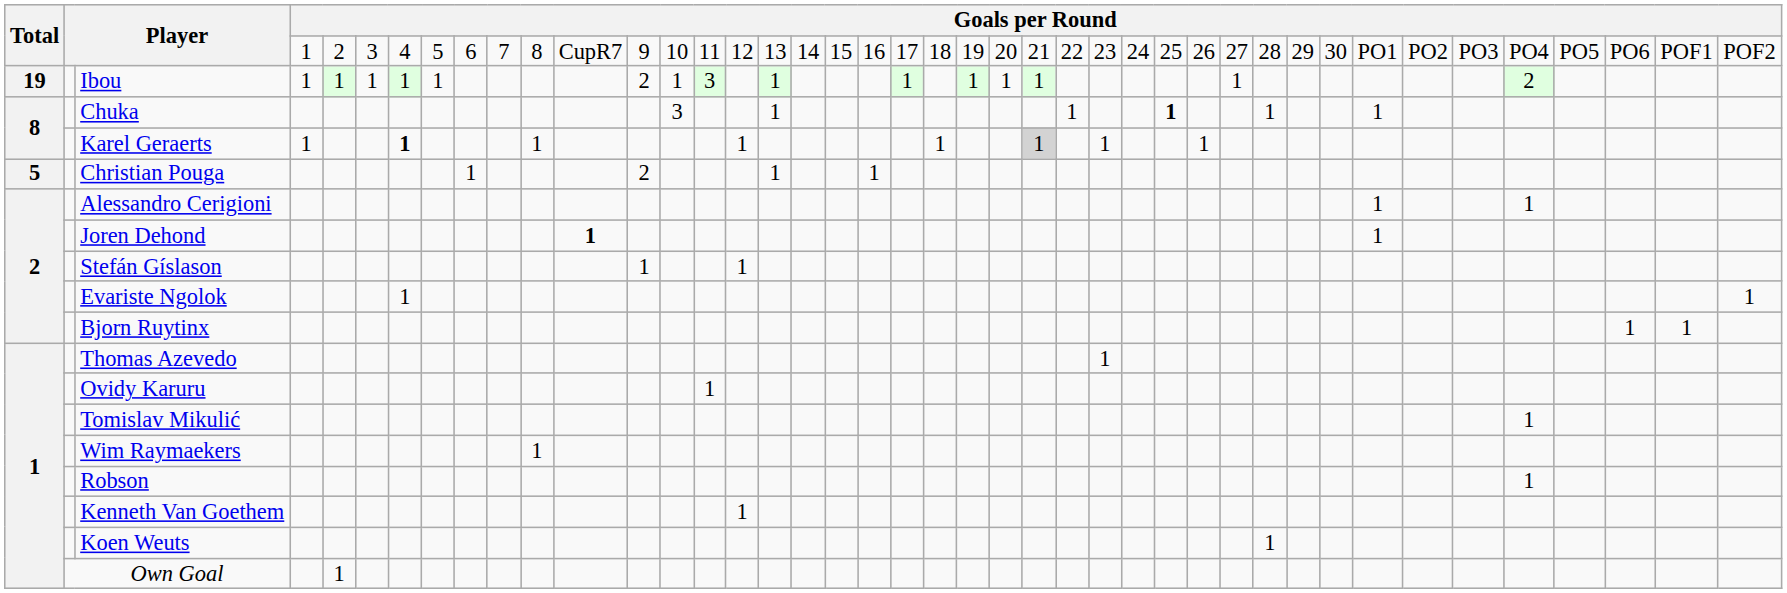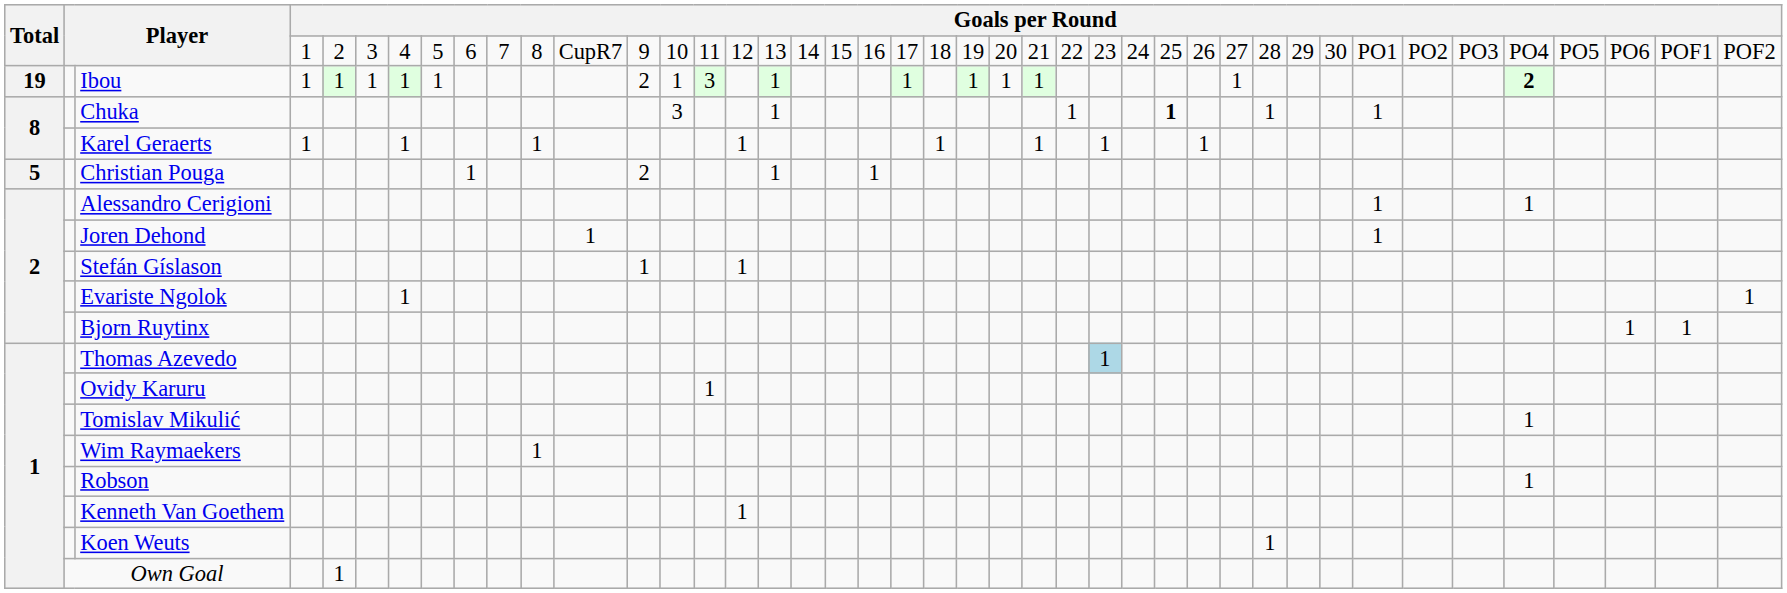 <table class="wikitable" style="text-align:center; line-height: 90%; font-size:90%;">
 <tr>
 <th rowspan="2">Total</th>
 <th rowspan="2" colspan="2">Player</th>
 <th colspan="39">Goals per Round</th>
 </tr>
 <tr>
 <td> 1 </td>
 <td> 2 </td>
 <td> 3 </td>
 <td> 4 </td>
 <td> 5 </td>
 <td> 6 </td>
 <td> 7 </td>
 <td> 8 </td>
 <td>CupR7</td>
 <td> 9 </td>
 <td>10</td>
 <td>11</td>
 <td>12</td>
 <td>13</td>
 <td>14</td>
 <td>15</td>
 <td>16</td>
 <td>17</td>
 <td>18</td>
 <td>19</td>
 <td>20</td>
 <td>21</td>
 <td>22</td>
 <td>23</td>
 <td>24</td>
 <td>25</td>
 <td>26</td>
 <td>27</td>
 <td>28</td>
 <td>29</td>
 <td>30</td>
 <td>PO1</td>
 <td>PO2</td>
 <td>PO3</td>
 <td>PO4</td>
 <td>PO5</td>
 <td>PO6</td>
 <td>POF1</td>
 <td>POF2</td>
 </tr>
 <tr>
 <th>19</th>
 <td></td>
 <td style="text-align:left;"><a href='#'>Ibou</a></td>
 <td>1</td>
 <td style="background:#e0ffe0;">1</td>
 <td>1</td>
 <td style="background:#e0ffe0;">1</td>
 <td>1</td>
 <td></td>
 <td></td>
 <td></td>
 <td></td>
 <td>2</td>
 <td>1</td>
 <td style="background:#e0ffe0;">3</td>
 <td></td>
 <td style="background:#e0ffe0;">1</td>
 <td></td>
 <td></td>
 <td></td>
 <td style="background:#e0ffe0;">1</td>
 <td></td>
 <td style="background:#e0ffe0;">1</td>
 <td>1</td>
 <td style="background:#e0ffe0;">1</td>
 <td></td>
 <td></td>
 <td></td>
 <td></td>
 <td></td>
 <td>1</td>
 <td></td>
 <td></td>
 <td></td>
 <td></td>
 <td></td>
 <td></td>
-<td style="background:#e0ffe0;">2</td>
+<td style="background:#e0ffe0;"><strong>2</strong></td>
 <td></td>
 <td></td>
 <td></td>
 <td></td>
 </tr>
 <tr>
 <th rowspan=2>8</th>
 <td></td>
 <td style="text-align:left;"><a href='#'>Chuka</a></td>
 <td></td>
 <td></td>
 <td></td>
 <td></td>
 <td></td>
 <td></td>
 <td></td>
 <td></td>
 <td></td>
 <td></td>
 <td>3</td>
 <td></td>
 <td></td>
 <td>1</td>
 <td></td>
 <td></td>
 <td></td>
 <td></td>
 <td></td>
 <td></td>
 <td></td>
 <td></td>
 <td>1</td>
 <td></td>
 <td></td>
 <td><strong>1</strong></td>
 <td></td>
 <td></td>
 <td>1</td>
 <td></td>
 <td></td>
 <td>1</td>
 <td></td>
 <td></td>
 <td></td>
 <td></td>
 <td></td>
 <td></td>
 <td></td>
 </tr>
 <tr>
 <td></td>
 <td style="text-align:left;"><a href='#'>Karel Geraerts</a></td>
 <td>1</td>
 <td></td>
 <td></td>
-<td><strong>1</strong></td>
+<td>1</td>
 <td></td>
 <td></td>
 <td></td>
 <td>1</td>
 <td></td>
 <td></td>
 <td></td>
 <td></td>
 <td>1</td>
 <td></td>
 <td></td>
 <td></td>
 <td></td>
 <td></td>
 <td>1</td>
 <td></td>
 <td></td>
-<td style="background: lightgrey;">1</td>
+<td>1</td>
 <td></td>
 <td>1</td>
 <td></td>
 <td></td>
 <td>1</td>
 <td></td>
 <td></td>
 <td></td>
 <td></td>
 <td></td>
 <td></td>
 <td></td>
 <td></td>
 <td></td>
 <td></td>
 <td></td>
 <td></td>
 </tr>
 <tr>
 <th>5</th>
 <td></td>
 <td style="text-align:left;"><a href='#'>Christian Pouga</a></td>
 <td></td>
 <td></td>
 <td></td>
 <td></td>
 <td></td>
 <td>1</td>
 <td></td>
 <td></td>
 <td></td>
 <td>2</td>
 <td></td>
 <td></td>
 <td></td>
 <td>1</td>
 <td></td>
 <td></td>
 <td>1</td>
 <td></td>
 <td></td>
 <td></td>
 <td></td>
 <td></td>
 <td></td>
 <td></td>
 <td></td>
 <td></td>
 <td></td>
 <td></td>
 <td></td>
 <td></td>
 <td></td>
 <td></td>
 <td></td>
 <td></td>
 <td></td>
 <td></td>
 <td></td>
 <td></td>
 <td></td>
 </tr>
 <tr>
 <th rowspan=5>2</th>
 <td></td>
 <td style="text-align:left;"><a href='#'>Alessandro Cerigioni</a></td>
 <td></td>
 <td></td>
 <td></td>
 <td></td>
 <td></td>
 <td></td>
 <td></td>
 <td></td>
 <td></td>
 <td></td>
 <td></td>
 <td></td>
 <td></td>
 <td></td>
 <td></td>
 <td></td>
 <td></td>
 <td></td>
 <td></td>
 <td></td>
 <td></td>
 <td></td>
 <td></td>
 <td></td>
 <td></td>
 <td></td>
 <td></td>
 <td></td>
 <td></td>
 <td></td>
 <td></td>
 <td>1</td>
 <td></td>
 <td></td>
 <td>1</td>
 <td></td>
 <td></td>
 <td></td>
 <td></td>
 </tr>
 <tr>
 <td></td>
 <td style="text-align:left;"><a href='#'>Joren Dehond</a></td>
 <td></td>
 <td></td>
 <td></td>
 <td></td>
 <td></td>
 <td></td>
 <td></td>
 <td></td>
-<td><strong>1</strong></td>
+<td>1</td>
 <td></td>
 <td></td>
 <td></td>
 <td></td>
 <td></td>
 <td></td>
 <td></td>
 <td></td>
 <td></td>
 <td></td>
 <td></td>
 <td></td>
 <td></td>
 <td></td>
 <td></td>
 <td></td>
 <td></td>
 <td></td>
 <td></td>
 <td></td>
 <td></td>
 <td></td>
 <td>1</td>
 <td></td>
 <td></td>
 <td></td>
 <td></td>
 <td></td>
 <td></td>
 <td></td>
 </tr>
 <tr>
 <td></td>
 <td style="text-align:left;"><a href='#'>Stefán Gíslason</a></td>
 <td></td>
 <td></td>
 <td></td>
 <td></td>
 <td></td>
 <td></td>
 <td></td>
 <td></td>
 <td></td>
 <td>1</td>
 <td></td>
 <td></td>
 <td>1</td>
 <td></td>
 <td></td>
 <td></td>
 <td></td>
 <td></td>
 <td></td>
 <td></td>
 <td></td>
 <td></td>
 <td></td>
 <td></td>
 <td></td>
 <td></td>
 <td></td>
 <td></td>
 <td></td>
 <td></td>
 <td></td>
 <td></td>
 <td></td>
 <td></td>
 <td></td>
 <td></td>
 <td></td>
 <td></td>
 <td></td>
 </tr>
 <tr>
 <td></td>
 <td style="text-align:left;"><a href='#'>Evariste Ngolok</a></td>
 <td></td>
 <td></td>
 <td></td>
 <td>1</td>
 <td></td>
 <td></td>
 <td></td>
 <td></td>
 <td></td>
 <td></td>
 <td></td>
 <td></td>
 <td></td>
 <td></td>
 <td></td>
 <td></td>
 <td></td>
 <td></td>
 <td></td>
 <td></td>
 <td></td>
 <td></td>
 <td></td>
 <td></td>
 <td></td>
 <td></td>
 <td></td>
 <td></td>
 <td></td>
 <td></td>
 <td></td>
 <td></td>
 <td></td>
 <td></td>
 <td></td>
 <td></td>
 <td></td>
 <td></td>
 <td>1</td>
 </tr>
 <tr>
 <td></td>
 <td style="text-align:left;"><a href='#'>Bjorn Ruytinx</a></td>
 <td></td>
 <td></td>
 <td></td>
 <td></td>
 <td></td>
 <td></td>
 <td></td>
 <td></td>
 <td></td>
 <td></td>
 <td></td>
 <td></td>
 <td></td>
 <td></td>
 <td></td>
 <td></td>
 <td></td>
 <td></td>
 <td></td>
 <td></td>
 <td></td>
 <td></td>
 <td></td>
 <td></td>
 <td></td>
 <td></td>
 <td></td>
 <td></td>
 <td></td>
 <td></td>
 <td></td>
 <td></td>
 <td></td>
 <td></td>
 <td></td>
 <td></td>
 <td>1</td>
 <td>1</td>
 <td></td>
 </tr>
 <tr>
 <th rowspan=8>1</th>
 <td></td>
 <td style="text-align:left;"><a href='#'>Thomas Azevedo</a></td>
 <td></td>
 <td></td>
 <td></td>
 <td></td>
 <td></td>
 <td></td>
 <td></td>
 <td></td>
 <td></td>
 <td></td>
 <td></td>
 <td></td>
 <td></td>
 <td></td>
 <td></td>
 <td></td>
 <td></td>
 <td></td>
 <td></td>
 <td></td>
 <td></td>
 <td></td>
 <td></td>
-<td>1</td>
+<td style="background: lightblue;">1</td>
 <td></td>
 <td></td>
 <td></td>
 <td></td>
 <td></td>
 <td></td>
 <td></td>
 <td></td>
 <td></td>
 <td></td>
 <td></td>
 <td></td>
 <td></td>
 <td></td>
 <td></td>
 </tr>
 <tr>
 <td></td>
 <td style="text-align:left;"><a href='#'>Ovidy Karuru</a></td>
 <td></td>
 <td></td>
 <td></td>
 <td></td>
 <td></td>
 <td></td>
 <td></td>
 <td></td>
 <td></td>
 <td></td>
 <td></td>
 <td>1</td>
 <td></td>
 <td></td>
 <td></td>
 <td></td>
 <td></td>
 <td></td>
 <td></td>
 <td></td>
 <td></td>
 <td></td>
 <td></td>
 <td></td>
 <td></td>
 <td></td>
 <td></td>
 <td></td>
 <td></td>
 <td></td>
 <td></td>
 <td></td>
 <td></td>
 <td></td>
 <td></td>
 <td></td>
 <td></td>
 <td></td>
 <td></td>
 </tr>
 <tr>
 <td></td>
 <td style="text-align:left;"><a href='#'>Tomislav Mikulić</a></td>
 <td></td>
 <td></td>
 <td></td>
 <td></td>
 <td></td>
 <td></td>
 <td></td>
 <td></td>
 <td></td>
 <td></td>
 <td></td>
 <td></td>
 <td></td>
 <td></td>
 <td></td>
 <td></td>
 <td></td>
 <td></td>
 <td></td>
 <td></td>
 <td></td>
 <td></td>
 <td></td>
 <td></td>
 <td></td>
 <td></td>
 <td></td>
 <td></td>
 <td></td>
 <td></td>
 <td></td>
 <td></td>
 <td></td>
 <td></td>
 <td>1</td>
 <td></td>
 <td></td>
 <td></td>
 <td></td>
 </tr>
 <tr>
 <td></td>
 <td style="text-align:left;"><a href='#'>Wim Raymaekers</a></td>
 <td></td>
 <td></td>
 <td></td>
 <td></td>
 <td></td>
 <td></td>
 <td></td>
 <td>1</td>
 <td></td>
 <td></td>
 <td></td>
 <td></td>
 <td></td>
 <td></td>
 <td></td>
 <td></td>
 <td></td>
 <td></td>
 <td></td>
 <td></td>
 <td></td>
 <td></td>
 <td></td>
 <td></td>
 <td></td>
 <td></td>
 <td></td>
 <td></td>
 <td></td>
 <td></td>
 <td></td>
 <td></td>
 <td></td>
 <td></td>
 <td></td>
 <td></td>
 <td></td>
 <td></td>
 <td></td>
 </tr>
 <tr>
 <td></td>
 <td style="text-align:left;"><a href='#'>Robson</a></td>
 <td></td>
 <td></td>
 <td></td>
 <td></td>
 <td></td>
 <td></td>
 <td></td>
 <td></td>
 <td></td>
 <td></td>
 <td></td>
 <td></td>
 <td></td>
 <td></td>
 <td></td>
 <td></td>
 <td></td>
 <td></td>
 <td></td>
 <td></td>
 <td></td>
 <td></td>
 <td></td>
 <td></td>
 <td></td>
 <td></td>
 <td></td>
 <td></td>
 <td></td>
 <td></td>
 <td></td>
 <td></td>
 <td></td>
 <td></td>
 <td>1</td>
 <td></td>
 <td></td>
 <td></td>
 <td></td>
 </tr>
 <tr>
 <td></td>
 <td style="text-align:left;"><a href='#'>Kenneth Van Goethem</a></td>
 <td></td>
 <td></td>
 <td></td>
 <td></td>
 <td></td>
 <td></td>
 <td></td>
 <td></td>
 <td></td>
 <td></td>
 <td></td>
 <td></td>
 <td>1</td>
 <td></td>
 <td></td>
 <td></td>
 <td></td>
 <td></td>
 <td></td>
 <td></td>
 <td></td>
 <td></td>
 <td></td>
 <td></td>
 <td></td>
 <td></td>
 <td></td>
 <td></td>
 <td></td>
 <td></td>
 <td></td>
 <td></td>
 <td></td>
 <td></td>
 <td></td>
 <td></td>
 <td></td>
 <td></td>
 <td></td>
 </tr>
 <tr>
 <td></td>
 <td style="text-align:left;"><a href='#'>Koen Weuts</a></td>
 <td></td>
 <td></td>
 <td></td>
 <td></td>
 <td></td>
 <td></td>
 <td></td>
 <td></td>
 <td></td>
 <td></td>
 <td></td>
 <td></td>
 <td></td>
 <td></td>
 <td></td>
 <td></td>
 <td></td>
 <td></td>
 <td></td>
 <td></td>
 <td></td>
 <td></td>
 <td></td>
 <td></td>
 <td></td>
 <td></td>
 <td></td>
 <td></td>
 <td>1</td>
 <td></td>
 <td></td>
 <td></td>
 <td></td>
 <td></td>
 <td></td>
 <td></td>
 <td></td>
 <td></td>
 <td></td>
 </tr>
 <tr>
 <td colspan=2><em>Own Goal</em></td>
 <td></td>
 <td>1</td>
 <td></td>
 <td></td>
 <td></td>
 <td></td>
 <td></td>
 <td></td>
 <td></td>
 <td></td>
 <td></td>
 <td></td>
 <td></td>
 <td></td>
 <td></td>
 <td></td>
 <td></td>
 <td></td>
 <td></td>
 <td></td>
 <td></td>
 <td></td>
 <td></td>
 <td></td>
 <td></td>
 <td></td>
 <td></td>
 <td></td>
 <td></td>
 <td></td>
 <td></td>
 <td></td>
 <td></td>
 <td></td>
 <td></td>
 <td></td>
 <td></td>
 <td></td>
 <td></td>
 </tr>
 </table>
